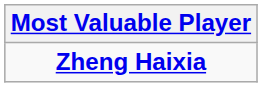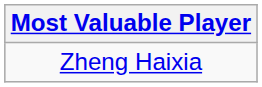 <table class=wikitable style="text-align:center; margin:auto">
 <tr>
 <th><a href='#'>Most Valuable Player</a></th>
 </tr>
 <tr>
-<td><strong> <a href='#'>Zheng Haixia</a></strong></td>
+<td> <a href='#'>Zheng Haixia</a></td>
 </tr>
 </table>
